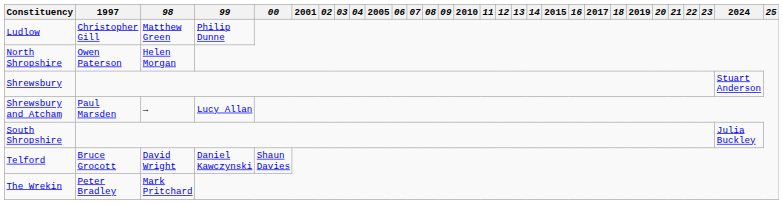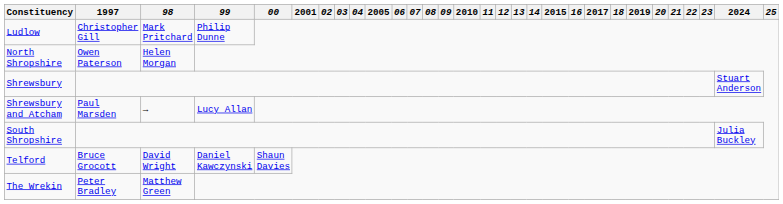 <table class="wikitable">
 <tr>
 <th>Constituency</th>
 <th>1997</th>
 <th><em>98</em></th>
 <th><em>99</em></th>
 <th><em>00</em></th>
 <th>2001</th>
 <th><em>02</em></th>
 <th><em>03</em></th>
 <th><em>04</em></th>
 <th>2005</th>
 <th><em>06</em></th>
 <th><em>07</em></th>
 <th><em>08</em></th>
 <th><em>09</em></th>
 <th>2010</th>
 <th><em>11</em></th>
 <th><em>12</em></th>
 <th><em>13</em></th>
 <th><em>14</em></th>
 <th>2015</th>
 <th><em>16</em></th>
 <th>2017</th>
 <th><em>18</em></th>
 <th>2019</th>
 <th><em>20</em></th>
 <th><em>21</em></th>
 <th><em>22</em></th>
 <th><em>23</em></th>
 <th>2024</th>
 <th><em>25</em></th>
 </tr>
 <tr>
 <td><a href='#'>Ludlow</a></td>
 <td><a href='#'>Christopher Gill</a></td>
-<td><a href='#'>Matthew Green</a></td>
+<td><a href='#'>Mark Pritchard</a></td>
 <td><a href='#'>Philip Dunne</a></td>
 </tr>
 <tr>
 <td><a href='#'>North Shropshire</a></td>
 <td><a href='#'>Owen Paterson</a></td>
 <td><a href='#'>Helen Morgan</a></td>
 </tr>
 <tr>
 <td><a href='#'>Shrewsbury</a></td>
 <td colspan="27"></td>
 <td><a href='#'>Stuart Anderson</a></td>
 </tr>
 <tr>
 <td><a href='#'>Shrewsbury and Atcham</a></td>
 <td><a href='#'>Paul Marsden</a></td>
 <td>→</td>
 <td><a href='#'>Lucy Allan</a></td>
 </tr>
 <tr>
 <td><a href='#'>South Shropshire</a></td>
 <td colspan="27"></td>
 <td><a href='#'>Julia Buckley</a></td>
 </tr>
 <tr>
 <td><a href='#'>Telford</a></td>
 <td><a href='#'>Bruce Grocott</a></td>
 <td><a href='#'>David Wright</a></td>
 <td><a href='#'>Daniel Kawczynski</a></td>
 <td><a href='#'>Shaun Davies</a></td>
 </tr>
 <tr>
 <td><a href='#'>The Wrekin</a></td>
 <td><a href='#'>Peter Bradley</a></td>
-<td><a href='#'>Mark Pritchard</a></td>
+<td><a href='#'>Matthew Green</a></td>
 </tr>
 </table>
